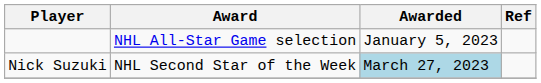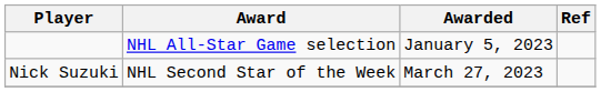 <table class="wikitable" style="width:auto;">
 <tr>
 <th>Player</th>
 <th>Award</th>
 <th>Awarded</th>
 <th>Ref</th>
 </tr>
 <tr>
 <td></td>
 <td><a href='#'>NHL All-Star Game</a> selection</td>
 <td>January 5, 2023</td>
 <td></td>
 </tr>
 <tr>
 <td>Nick Suzuki</td>
 <td>NHL Second Star of the Week</td>
-<td style="background: lightblue;">March 27, 2023</td>
+<td>March 27, 2023</td>
 <td></td>
 </tr>
 <tr>
 </tr>
 </table>
